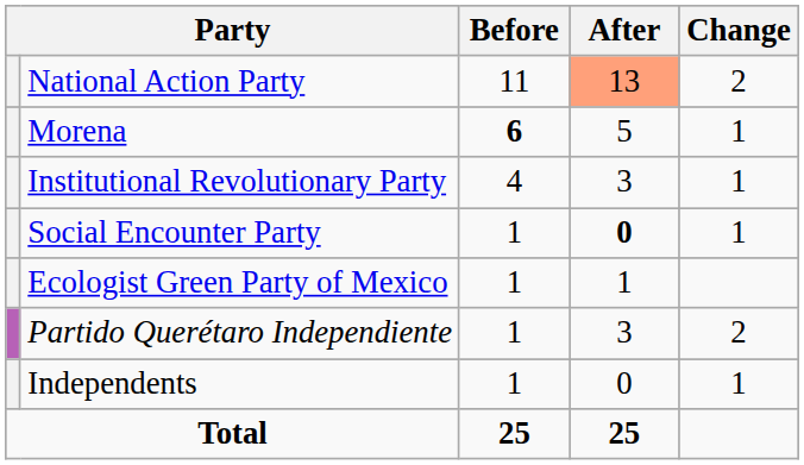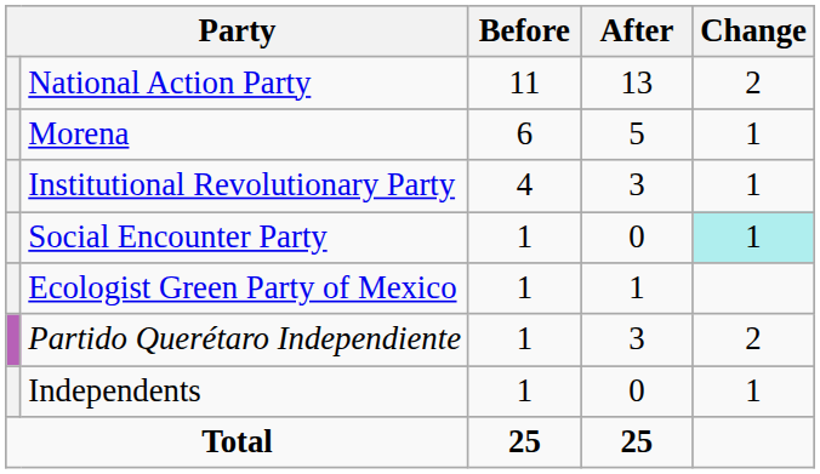 <table class="wikitable" style="text-align:center;">
 <tr>
 <th colspan="2">Party</th>
 <th style="width:3em">Before</th>
 <th style="width:3em">After</th>
 <th style="width:3em">Change</th>
 </tr>
 <tr>
 <th style="background-color:"></th>
 <td style="text-align:left;"><a href='#'>National Action Party</a></td>
 <td>11</td>
-<td style="background: lightsalmon;">13</td>
+<td>13</td>
 <td>2</td>
 </tr>
 <tr>
 <th style="background-color:"></th>
 <td style="text-align:left;"><a href='#'>Morena</a></td>
-<td><strong>6</strong></td>
+<td>6</td>
 <td>5</td>
 <td>1</td>
 </tr>
 <tr>
 <th style="background-color:"></th>
 <td style="text-align:left;"><a href='#'>Institutional Revolutionary Party</a></td>
 <td>4</td>
 <td>3</td>
 <td>1</td>
 </tr>
 <tr>
 <th style="background-color:"></th>
 <td style="text-align:left;"><a href='#'>Social Encounter Party</a></td>
 <td>1</td>
-<td><strong>0</strong></td>
-<td>1</td>
+<td>0</td>
+<td style="background: paleturquoise;">1</td>
 </tr>
 <tr>
 <th style="background-color:"></th>
 <td style="text-align:left;"><a href='#'>Ecologist Green Party of Mexico</a></td>
 <td>1</td>
 <td>1</td>
 <td></td>
 </tr>
 <tr>
 <th style="background-color:#b761b7;"></th>
 <td style="text-align:left;"><em>Partido Querétaro Independiente</em></td>
 <td>1</td>
 <td>3</td>
 <td>2</td>
 </tr>
 <tr>
 <th style="background-color:"></th>
 <td style="text-align:left;">Independents</td>
 <td>1</td>
 <td>0</td>
 <td>1</td>
 </tr>
 <tr>
 <td colspan="2"><strong>Total</strong></td>
 <td><strong>25</strong></td>
 <td><strong>25</strong></td>
 <td></td>
 </tr>
 </table>
